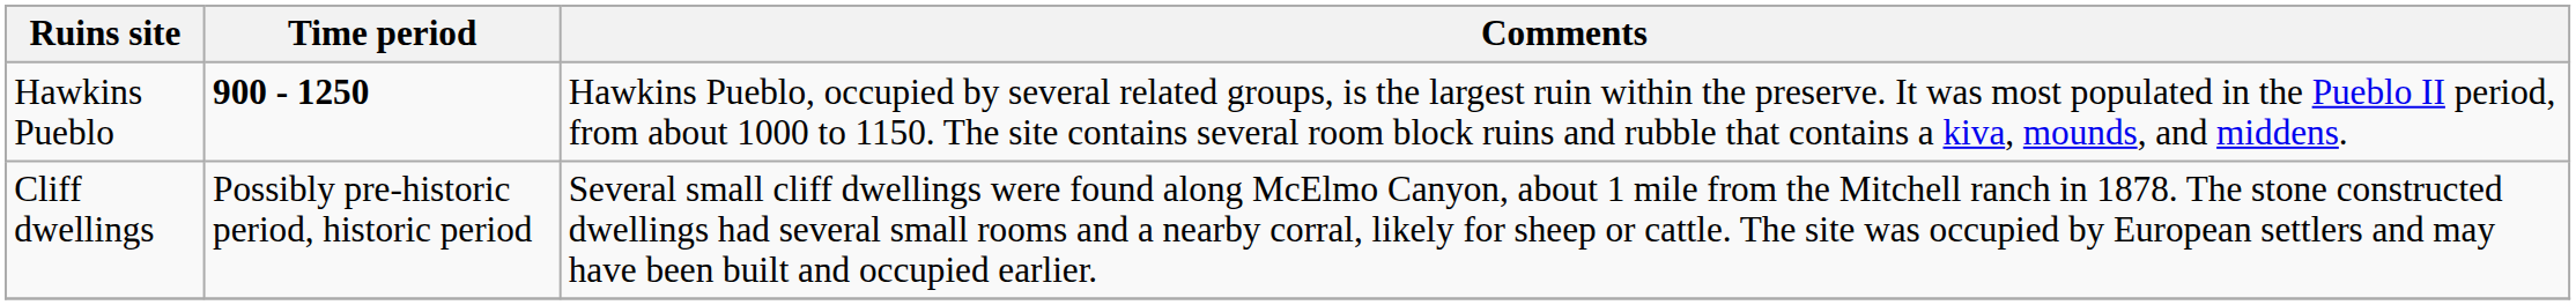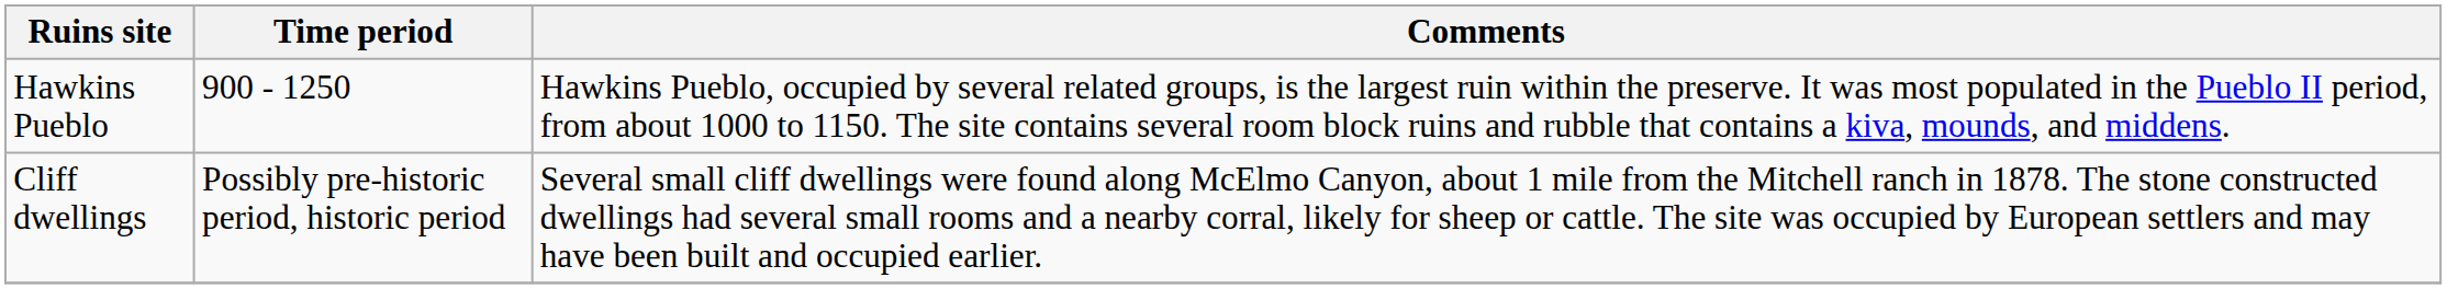 <table class="wikitable" style="width:90%">
 <tr>
 <th>Ruins site</th>
 <th>Time period</th>
 <th>Comments</th>
 </tr>
 <tr valign="top">
 <td>Hawkins Pueblo</td>
-<td><strong>900 - 1250</strong></td>
+<td>900 - 1250</td>
 <td>Hawkins Pueblo, occupied by several related groups, is the largest ruin within the preserve.  It was most populated in the <a href='#'>Pueblo II</a> period, from about 1000 to 1150.  The site contains several room block ruins and rubble that contains a <a href='#'>kiva</a>, <a href='#'>mounds</a>, and <a href='#'>middens</a>.</td>
 </tr>
 <tr valign="top">
 <td>Cliff dwellings</td>
 <td>Possibly pre-historic period, historic period</td>
 <td>Several small cliff dwellings were found along McElmo Canyon, about 1 mile from the Mitchell ranch in 1878.  The stone constructed dwellings had several small rooms and a nearby corral, likely for sheep or cattle.  The site was occupied by European settlers and may have been built and occupied earlier.</td>
 </tr>
 <tr>
 </tr>
 </table>
